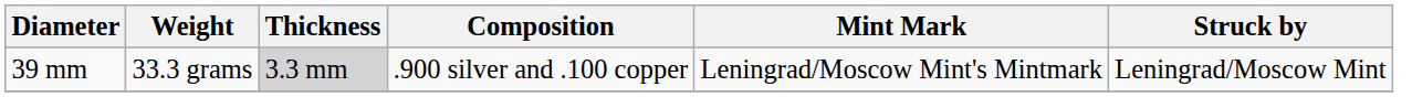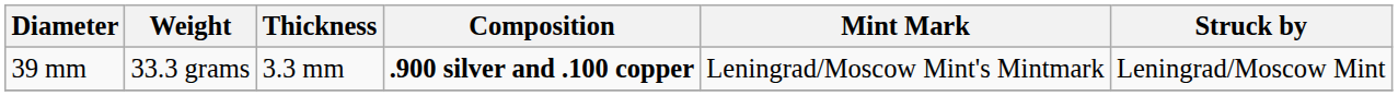 <table class="wikitable">
 <tr>
 <th>Diameter</th>
 <th>Weight</th>
 <th>Thickness</th>
 <th>Composition</th>
 <th>Mint Mark</th>
 <th>Struck by</th>
 </tr>
 <tr>
 <td>39 mm</td>
 <td>33.3 grams</td>
-<td style="background: lightgrey;">3.3 mm</td>
-<td>.900 silver and .100 copper</td>
+<td>3.3 mm</td>
+<td><strong>.900 silver and .100 copper</strong></td>
 <td>Leningrad/Moscow Mint's Mintmark</td>
 <td>Leningrad/Moscow Mint</td>
 </tr>
 <tr>
 </tr>
 </table>
